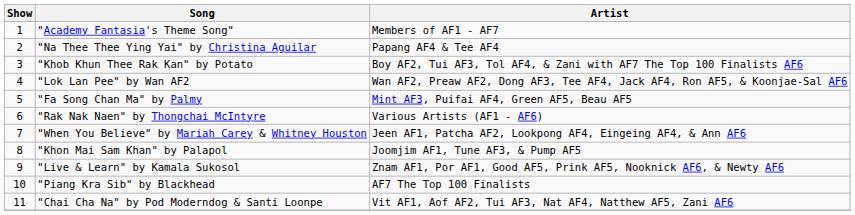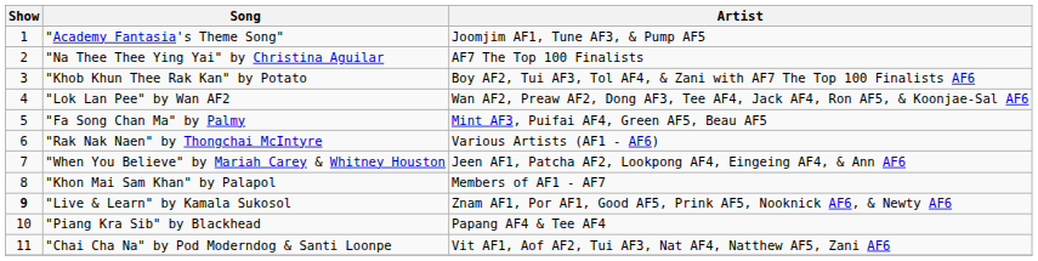 <table class="wikitable">
 <tr>
 <th>Show</th>
 <th>Song</th>
 <th>Artist</th>
 </tr>
 <tr>
 <td align="center">1</td>
 <td>"<a href='#'>Academy Fantasia</a>'s Theme Song"</td>
-<td>Members of AF1 -  AF7</td>
+<td>Joomjim AF1, Tune AF3, & Pump AF5</td>
 </tr>
 <tr>
 <td align="center">2</td>
 <td>"Na Thee Thee Ying Yai" by <a href='#'>Christina Aguilar</a></td>
-<td>Papang AF4 & Tee AF4</td>
+<td>AF7 The Top 100 Finalists</td>
 </tr>
 <tr>
 <td align="center">3</td>
 <td>"Khob Khun Thee Rak Kan" by Potato</td>
 <td>Boy AF2, Tui AF3, Tol AF4, & Zani with AF7 The Top 100 Finalists  <a href='#'>AF6</a></td>
 </tr>
 <tr>
 <td align="center">4</td>
 <td>"Lok Lan Pee" by Wan AF2</td>
 <td>Wan AF2, Preaw AF2, Dong AF3, Tee AF4, Jack AF4, Ron AF5, & Koonjae-Sal  <a href='#'>AF6</a></td>
 </tr>
 <tr>
 <td align="center">5</td>
 <td>"Fa Song Chan Ma" by <a href='#'>Palmy</a></td>
 <td><a href='#'>Mint AF3</a>, Puifai AF4, Green AF5, Beau AF5</td>
 </tr>
 <tr>
 <td align="center">6</td>
 <td>"Rak Nak Naen" by <a href='#'>Thongchai McIntyre</a></td>
 <td>Various Artists (AF1 -  <a href='#'>AF6</a>)</td>
 </tr>
 <tr>
 <td align="center">7</td>
 <td>"When You Believe" by <a href='#'>Mariah Carey</a> & <a href='#'>Whitney Houston</a></td>
 <td>Jeen AF1, Patcha AF2, Lookpong AF4, Eingeing AF4, & Ann  <a href='#'>AF6</a></td>
 </tr>
 <tr>
 <td align="center">8</td>
 <td>"Khon Mai Sam Khan" by Palapol</td>
-<td>Joomjim AF1, Tune AF3, & Pump AF5</td>
+<td>Members of AF1 -  AF7</td>
 </tr>
 <tr>
-<td align="center">9</td>
+<td align="center"><strong>9</strong></td>
 <td>"Live & Learn" by Kamala Sukosol</td>
 <td>Znam AF1, Por AF1, Good AF5, Prink AF5, Nooknick  <a href='#'>AF6</a>, & Newty  <a href='#'>AF6</a></td>
 </tr>
 <tr>
 <td align="center">10</td>
 <td>"Piang Kra Sib" by Blackhead</td>
-<td>AF7 The Top 100 Finalists</td>
+<td>Papang AF4 & Tee AF4</td>
 </tr>
 <tr>
 <td align="center">11</td>
 <td>"Chai Cha Na" by Pod Moderndog & Santi Loonpe</td>
 <td>Vit AF1, Aof AF2, Tui AF3, Nat AF4, Natthew AF5, Zani  <a href='#'>AF6</a></td>
 </tr>
 <tr>
 </tr>
 </table>
